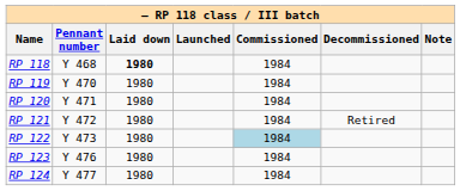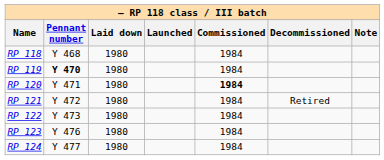 <table border="1" class="sortable wikitable" style="margin:1em auto;">
 <tr>
 <th colspan="11" style="background:#ffdead;"> – RP 118 class / III batch</th>
 </tr>
 <tr>
 <th>Name</th>
 <th><a href='#'>Pennant<br>number</a></th>
 <th>Laid down</th>
 <th>Launched</th>
 <th>Commissioned</th>
 <th>Decommissioned</th>
 <th>Note</th>
 </tr>
 <tr style="text-align:center;">
 <td><em><a href='#'>RP 118</a></em></td>
 <td>Y 468</td>
-<td><strong>1980</strong></td>
+<td>1980</td>
 <td></td>
 <td>1984</td>
 <td></td>
 <td></td>
 </tr>
 <tr style="text-align:center;">
 <td><em><a href='#'>RP 119</a></em></td>
-<td>Y 470</td>
+<td><strong>Y 470</strong></td>
 <td>1980</td>
 <td></td>
 <td>1984</td>
 <td></td>
 <td></td>
 </tr>
 <tr style="text-align:center;">
 <td><em><a href='#'>RP 120</a></em></td>
 <td>Y 471</td>
 <td>1980</td>
 <td></td>
-<td>1984</td>
+<td><strong>1984</strong></td>
 <td></td>
 <td></td>
 </tr>
 <tr style="text-align:center;">
 <td><em><a href='#'>RP 121</a></em></td>
 <td>Y 472</td>
 <td>1980</td>
 <td></td>
 <td>1984</td>
 <td>Retired</td>
 <td></td>
 </tr>
 <tr style="text-align:center;">
 <td><em><a href='#'>RP 122</a></em></td>
 <td>Y 473</td>
 <td>1980</td>
 <td></td>
-<td style="background: lightblue;">1984</td>
+<td>1984</td>
 <td></td>
 <td></td>
 </tr>
 <tr style="text-align:center;">
 <td><em><a href='#'>RP 123</a></em></td>
 <td>Y 476</td>
 <td>1980</td>
 <td></td>
 <td>1984</td>
 <td></td>
 <td></td>
 </tr>
 <tr style="text-align:center;">
 <td><em><a href='#'>RP 124</a></em></td>
 <td>Y 477</td>
 <td>1980</td>
 <td></td>
 <td>1984</td>
 <td></td>
 <td></td>
 </tr>
 </table>
